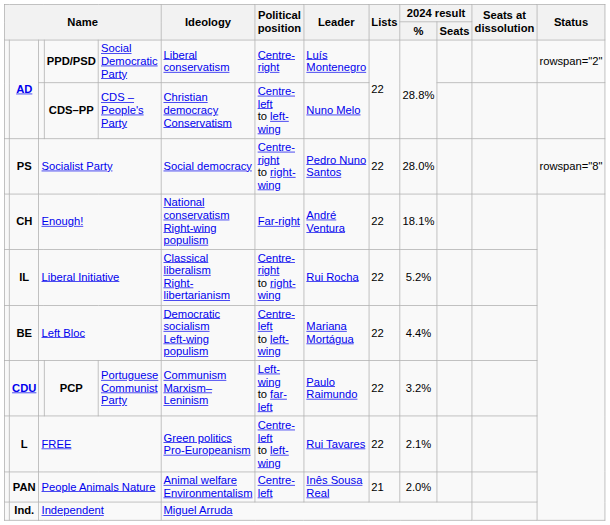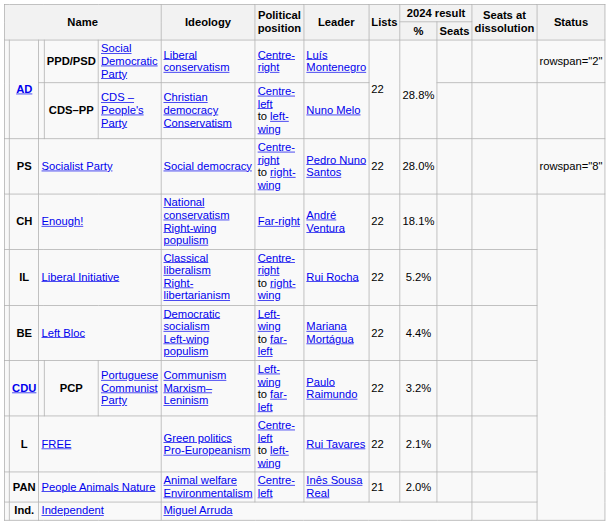 <table class="wikitable">
 <tr>
 <th colspan="5" rowspan="2">Name</th>
 <th rowspan="2">Ideology</th>
 <th rowspan="2">Political position</th>
 <th rowspan="2">Leader</th>
 <th rowspan="2">Lists</th>
 <th colspan="2">2024 result</th>
 <th rowspan="2">Seats at<br>dissolution</th>
 <th width="60px" rowspan="2">Status</th>
 </tr>
 <tr>
 <th>%</th>
 <th>Seats</th>
 </tr>
 <tr>
 <td rowspan="2" style="background:"></td>
 <td rowspan="2" style="text-align:center;"><a href='#'><strong>AD</strong></a></td>
 <td style="background:"></td>
 <td style="text-align:center;"><strong>PPD/PSD</strong></td>
 <td><a href='#'>Social Democratic Party</a><br></td>
 <td><a href='#'>Liberal conservatism</a></td>
 <td><a href='#'>Centre-right</a></td>
 <td><a href='#'>Luís Montenegro</a></td>
 <td rowspan="2">22</td>
 <td rowspan="2" style="text-align:center;"><br>28.8%<br></td>
 <td></td>
 <td></td>
 <td>rowspan="2" </td>
 </tr>
 <tr>
 <td style="background:"></td>
 <td style="text-align:center;"><strong>CDS–PP</strong></td>
 <td><a href='#'>CDS – People's Party</a><br></td>
 <td><a href='#'>Christian democracy</a><br><a href='#'>Conservatism</a></td>
 <td><a href='#'>Centre-left</a><br>to <a href='#'>left-wing</a></td>
 <td><a href='#'>Nuno Melo</a></td>
 <td></td>
 <td></td>
 </tr>
 <tr>
 <td style="background:"></td>
 <td style="text-align:center;"><strong>PS</strong></td>
 <td colspan="3"><a href='#'>Socialist Party</a><br></td>
 <td><a href='#'>Social democracy</a></td>
 <td><a href='#'>Centre-right</a><br>to <a href='#'>right-wing</a></td>
 <td><a href='#'>Pedro Nuno Santos</a></td>
 <td>22</td>
 <td style="text-align:center;">28.0%</td>
 <td></td>
 <td></td>
 <td>rowspan="8" </td>
 </tr>
 <tr>
 <td style="background:"></td>
 <td style="text-align:center;"><strong>CH</strong></td>
 <td colspan="3"><a href='#'>Enough!</a><br></td>
 <td><a href='#'>National conservatism</a><br><a href='#'>Right-wing populism</a></td>
 <td><a href='#'>Far-right</a></td>
 <td><a href='#'>André Ventura</a></td>
 <td>22</td>
 <td style="text-align:center;">18.1%</td>
 <td></td>
 <td></td>
 </tr>
 <tr>
 <td style="background:"></td>
 <td style="text-align:center;"><strong>IL</strong></td>
 <td colspan="3"><a href='#'>Liberal Initiative</a><br></td>
 <td><a href='#'>Classical liberalism</a><br><a href='#'>Right-libertarianism</a></td>
 <td><a href='#'>Centre-right</a><br>to <a href='#'>right-wing</a></td>
 <td><a href='#'>Rui Rocha</a></td>
 <td>22</td>
 <td style="text-align:center;">5.2%</td>
 <td></td>
 <td></td>
 </tr>
 <tr>
 <td style="background:"></td>
 <td style="text-align:center;"><strong>BE</strong></td>
 <td colspan="3"><a href='#'>Left Bloc</a><br></td>
 <td><a href='#'>Democratic socialism</a><br><a href='#'>Left-wing populism</a></td>
-<td><a href='#'>Centre-left</a><br>to <a href='#'>left-wing</a></td>
+<td><a href='#'>Left-wing</a><br>to <a href='#'>far-left</a></td>
 <td><a href='#'>Mariana Mortágua</a></td>
 <td>22</td>
 <td style="text-align:center;">4.4%</td>
 <td></td>
 <td></td>
 </tr>
 <tr>
 <td style="background:"></td>
 <td style="text-align:center;"><a href='#'><strong>CDU</strong></a></td>
 <td style="background:"></td>
 <td style="text-align:center;"><strong>PCP</strong></td>
 <td><a href='#'>Portuguese Communist Party</a><br></td>
 <td><a href='#'>Communism</a><br><a href='#'>Marxism–Leninism</a></td>
 <td><a href='#'>Left-wing</a><br>to <a href='#'>far-left</a></td>
 <td><a href='#'>Paulo Raimundo</a></td>
 <td>22</td>
 <td style="text-align:center;">3.2%<br></td>
 <td></td>
 <td></td>
 </tr>
 <tr>
 <td style="background:"></td>
 <td style="text-align:center;"><strong>L</strong></td>
 <td colspan="3"><a href='#'>FREE</a><br></td>
 <td><a href='#'>Green politics</a><br><a href='#'>Pro-Europeanism</a></td>
 <td><a href='#'>Centre-left</a><br>to <a href='#'>left-wing</a></td>
 <td><a href='#'>Rui Tavares</a></td>
 <td>22</td>
 <td style="text-align:center;">2.1%</td>
 <td></td>
 <td></td>
 </tr>
 <tr>
 <td style="background:"></td>
 <td style="text-align:center;"><strong>PAN</strong></td>
 <td colspan="3"><a href='#'>People Animals Nature</a><br></td>
 <td><a href='#'>Animal welfare</a><br><a href='#'>Environmentalism</a></td>
 <td><a href='#'>Centre-left</a></td>
 <td><a href='#'>Inês Sousa Real</a></td>
 <td>21</td>
 <td style="text-align:center;">2.0%</td>
 <td></td>
 <td></td>
 </tr>
 <tr>
 <td style="color:inherit;background:"></td>
 <td style="text-align:center;"><strong>Ind.</strong></td>
 <td colspan="3"><a href='#'>Independent</a><br></td>
 <td colspan="6"><a href='#'>Miguel Arruda</a> </td>
 <td></td>
 </tr>
 </table>
